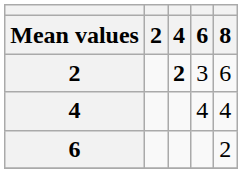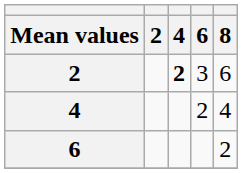 <table class="wikitable">
 <tr>
 <th></th>
 <th></th>
 <th></th>
 <th></th>
 <th></th>
 </tr>
 <tr>
 <th>Mean values</th>
 <th>2</th>
 <th>4</th>
 <th>6</th>
 <th>8</th>
 </tr>
 <tr>
 <th> 2</th>
 <td></td>
 <td><strong>2</strong></td>
 <td>3</td>
 <td>6</td>
 </tr>
 <tr>
 <th> 4</th>
 <td></td>
 <td></td>
-<td>4</td>
+<td>2</td>
 <td>4</td>
 </tr>
 <tr>
 <th> 6</th>
 <td></td>
 <td></td>
 <td></td>
 <td>2</td>
 </tr>
 <tr>
 </tr>
 </table>
